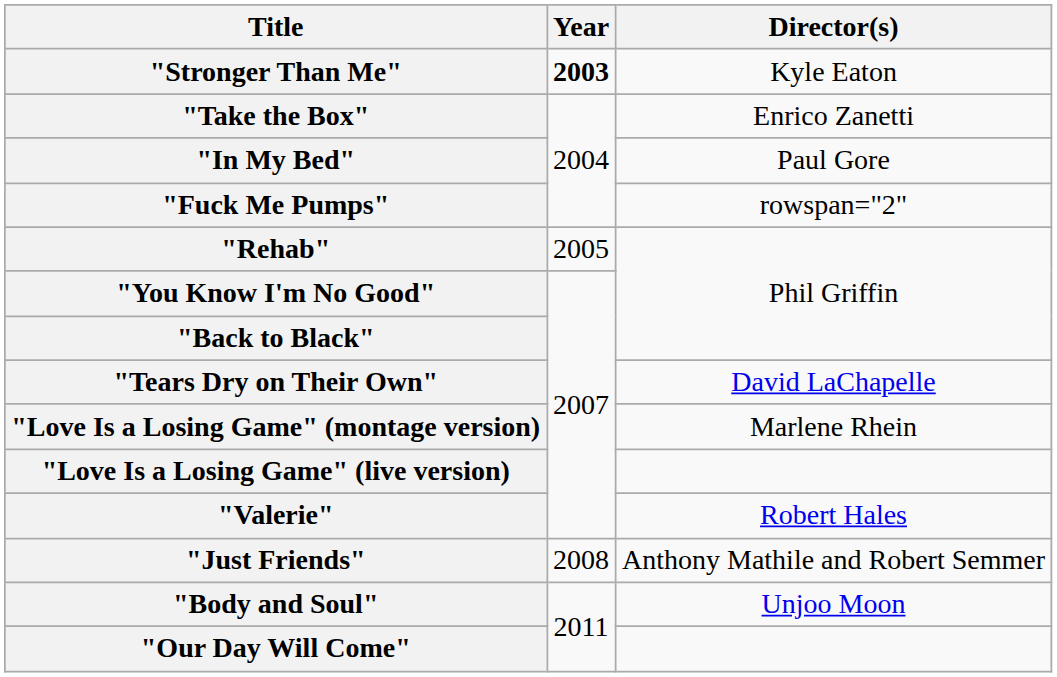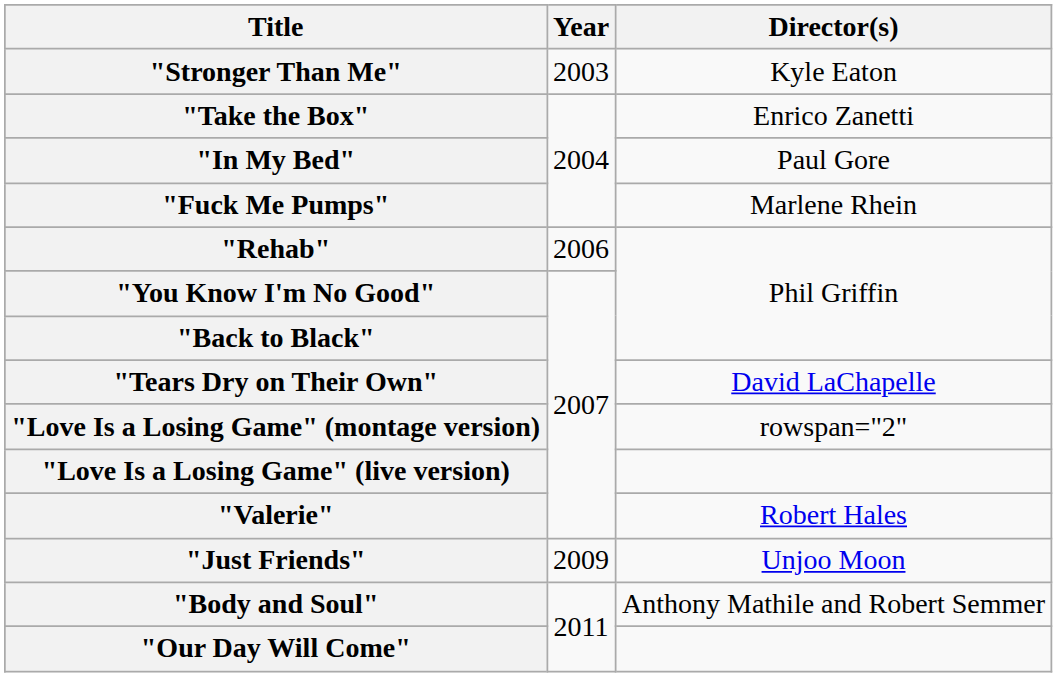 <table class="wikitable plainrowheaders" style="text-align:center;">
 <tr>
 <th scope="col">Title</th>
 <th scope="col">Year</th>
 <th scope="col">Director(s)</th>
 </tr>
 <tr>
 <th scope="row">"Stronger Than Me"</th>
-<td><strong>2003</strong></td>
+<td>2003</td>
 <td>Kyle Eaton</td>
 </tr>
 <tr>
 <th scope="row">"Take the Box"</th>
 <td rowspan="3">2004</td>
 <td>Enrico Zanetti</td>
 </tr>
 <tr>
 <th scope="row">"In My Bed"</th>
 <td>Paul Gore</td>
 </tr>
 <tr>
 <th scope="row">"Fuck Me Pumps"</th>
-<td>rowspan="2" </td>
+<td>Marlene Rhein</td>
 </tr>
 <tr>
 <th scope="row">"Rehab"</th>
-<td>2005</td>
+<td>2006</td>
 <td rowspan="3">Phil Griffin</td>
 </tr>
 <tr>
 <th scope="row">"You Know I'm No Good"</th>
 <td rowspan="6">2007</td>
 </tr>
 <tr>
 <th scope="row">"Back to Black"</th>
 </tr>
 <tr>
 <th scope="row">"Tears Dry on Their Own"</th>
 <td><a href='#'>David LaChapelle</a></td>
 </tr>
 <tr>
 <th scope="row">"Love Is a Losing Game" (montage version)</th>
-<td>Marlene Rhein</td>
+<td>rowspan="2" </td>
 </tr>
 <tr>
 <th scope="row">"Love Is a Losing Game" (live version)</th>
 </tr>
 <tr>
 <th scope="row">"Valerie"<br></th>
 <td><a href='#'>Robert Hales</a></td>
 </tr>
 <tr>
 <th scope="row">"Just Friends"</th>
-<td>2008</td>
-<td>Anthony Mathile and Robert Semmer</td>
+<td>2009</td>
+<td><a href='#'>Unjoo Moon</a></td>
 </tr>
 <tr>
 <th scope="row">"Body and Soul"<br></th>
 <td rowspan="2">2011</td>
-<td><a href='#'>Unjoo Moon</a></td>
+<td>Anthony Mathile and Robert Semmer</td>
 </tr>
 <tr>
 <th scope="row">"Our Day Will Come"</th>
 <td></td>
 </tr>
 </table>
